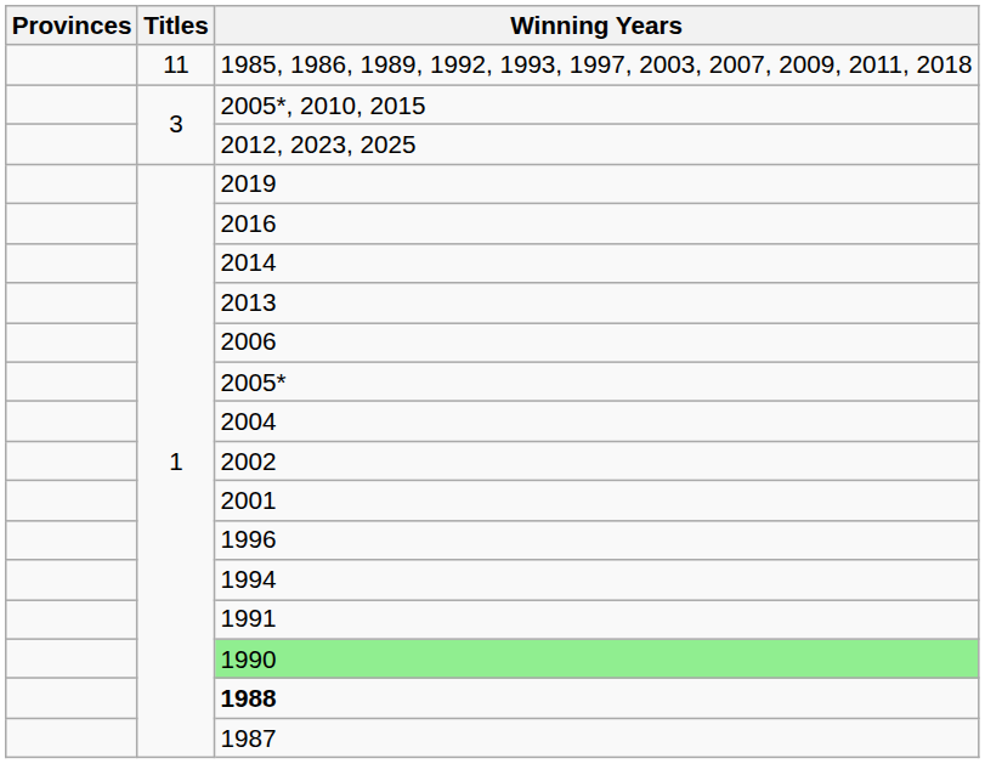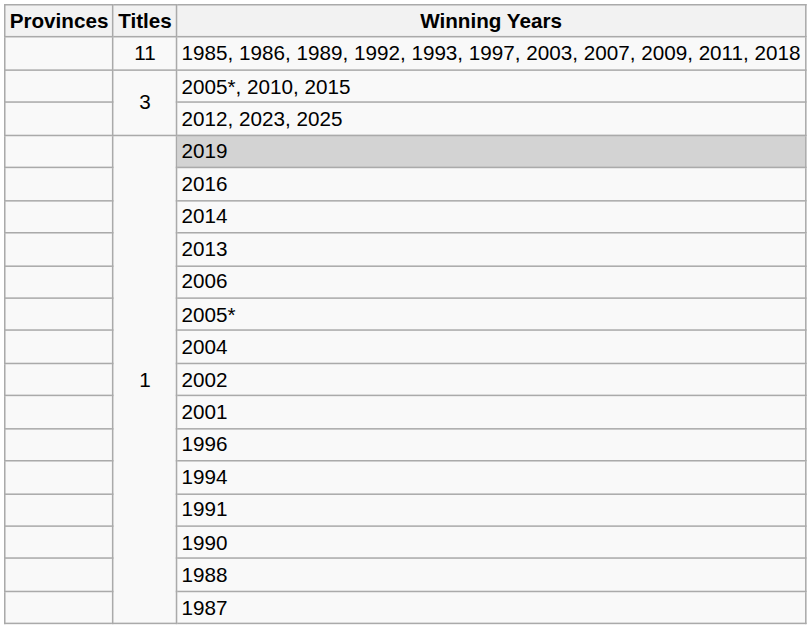 <table class="wikitable" style="font-size: 85%;">
 <tr>
 <th>Provinces</th>
 <th>Titles</th>
 <th>Winning Years</th>
 </tr>
 <tr>
 <td></td>
 <td align="center">11</td>
 <td>1985, 1986, 1989, 1992, 1993, 1997, 2003, 2007, 2009, 2011, 2018</td>
 </tr>
 <tr>
 <td></td>
 <td rowspan="2" align="center">3</td>
 <td>2005*, 2010, 2015</td>
 </tr>
 <tr>
 <td></td>
 <td>2012, 2023, 2025</td>
 </tr>
 <tr>
 <td></td>
 <td rowspan="18" align="center">1</td>
-<td>2019</td>
+<td style="background: lightgrey;">2019</td>
 </tr>
 <tr>
 <td></td>
 <td>2016</td>
 </tr>
 <tr>
 <td></td>
 <td>2014</td>
 </tr>
 <tr>
 <td></td>
 <td>2013</td>
 </tr>
 <tr>
 <td></td>
 <td>2006</td>
 </tr>
 <tr>
 <td></td>
 <td>2005*</td>
 </tr>
 <tr>
 <td></td>
 <td>2004</td>
 </tr>
 <tr>
 <td></td>
 <td>2002</td>
 </tr>
 <tr>
 <td></td>
 <td>2001</td>
 </tr>
 <tr>
 <td></td>
 <td>1996</td>
 </tr>
 <tr>
 <td></td>
 <td>1994</td>
 </tr>
 <tr>
 <td></td>
 <td>1991</td>
 </tr>
 <tr>
 <td></td>
-<td style="background: lightgreen;">1990</td>
+<td>1990</td>
 </tr>
 <tr>
 <td></td>
-<td><strong>1988</strong></td>
+<td>1988</td>
 </tr>
 <tr>
 <td></td>
 <td>1987</td>
 </tr>
 </table>
